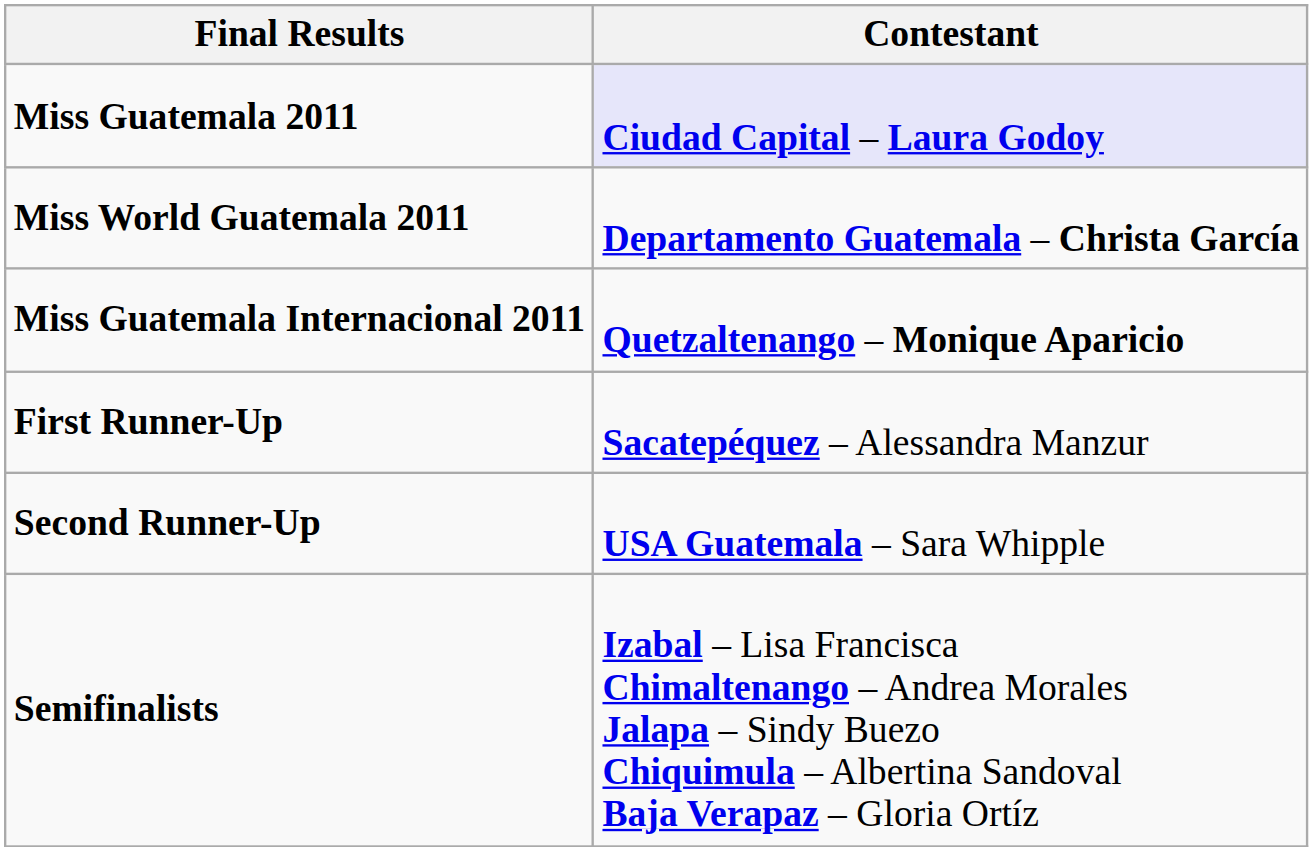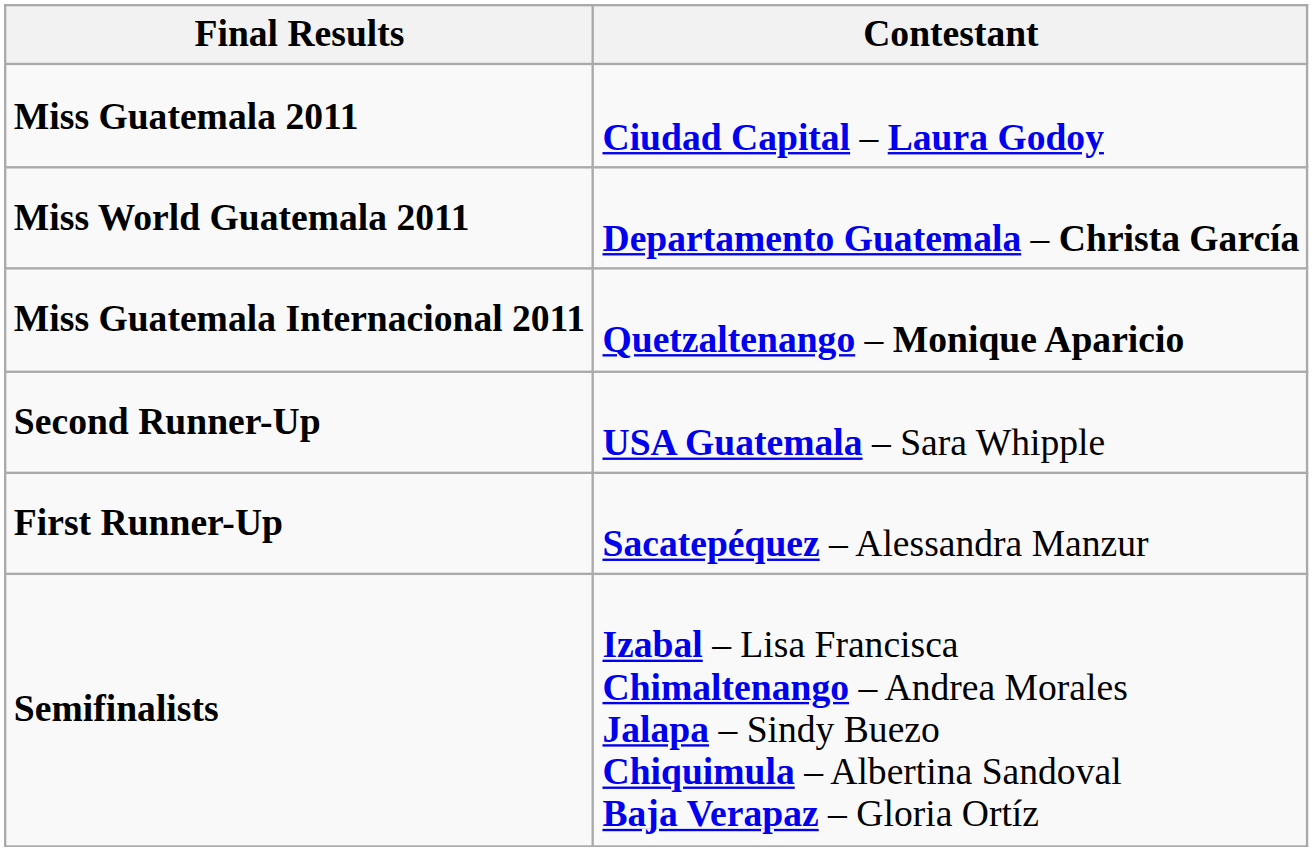 <table class="wikitable" border="1">
 <tr>
 <th>Final Results</th>
 <th>Contestant</th>
 </tr>
 <tr>
 <td><strong>Miss Guatemala 2011</strong></td>
-<td style="background: lavender;"><br> <strong><a href='#'>Ciudad Capital</a></strong> – <strong><a href='#'>Laura Godoy</a></strong></td>
+<td><br> <strong><a href='#'>Ciudad Capital</a></strong> – <strong><a href='#'>Laura Godoy</a></strong></td>
 </tr>
 <tr>
 <td><strong>Miss World Guatemala 2011</strong></td>
 <td><br> <strong><a href='#'>Departamento Guatemala</a></strong> – <strong>Christa García</strong></td>
 </tr>
 <tr>
 <td><strong>Miss Guatemala Internacional 2011</strong></td>
 <td><br> <strong><a href='#'>Quetzaltenango</a></strong> – <strong>Monique Aparicio</strong></td>
 </tr>
 <tr>
+<td><strong>Second Runner-Up</strong></td>
+<td><br> <strong><a href='#'>USA Guatemala</a></strong> – Sara Whipple</td>
+</tr>
+<tr>
 <td><strong>First Runner-Up</strong></td>
 <td><br> <strong><a href='#'>Sacatepéquez</a></strong> – Alessandra Manzur</td>
-</tr>
-<tr>
-<td><strong>Second Runner-Up</strong></td>
-<td><br> <strong><a href='#'>USA Guatemala</a></strong> – Sara Whipple</td>
 </tr>
 <tr>
 <td><strong>Semifinalists</strong></td>
 <td><br> <strong><a href='#'>Izabal</a></strong> – Lisa Francisca<br>  <strong><a href='#'>Chimaltenango</a></strong> – Andrea Morales<br>  <strong><a href='#'>Jalapa</a></strong> – Sindy Buezo<br>  <strong><a href='#'>Chiquimula</a></strong> – Albertina Sandoval<br>  <strong><a href='#'>Baja Verapaz</a></strong> – Gloria Ortíz<br></td>
 </tr>
 </table>
